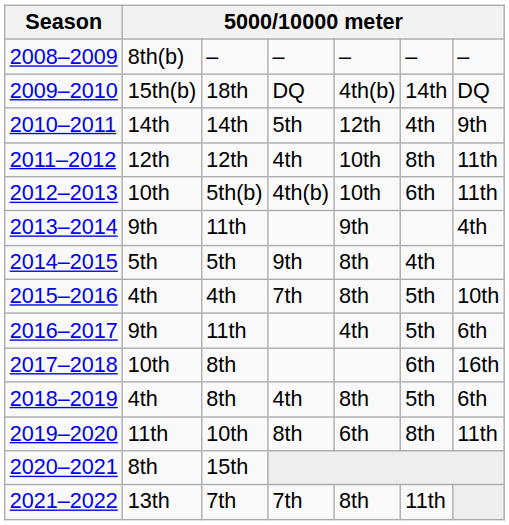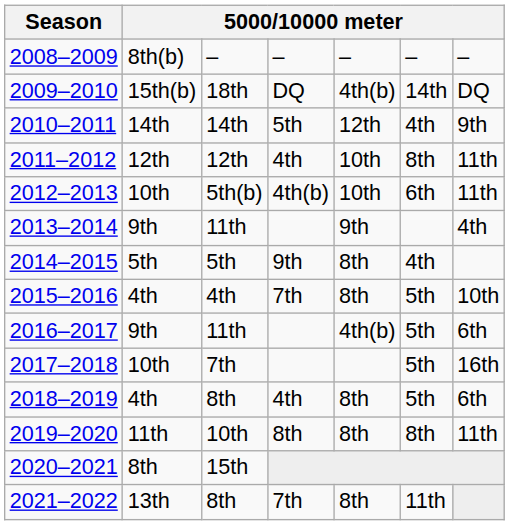 <table class="wikitable" style="display: inline-table;">
 <tr>
 <th>Season</th>
 <th colspan="12">5000/10000 meter</th>
 </tr>
 <tr>
 <td><a href='#'>2008–2009</a></td>
 <td>8th(b)</td>
 <td>–</td>
 <td>–</td>
 <td>–</td>
 <td>–</td>
 <td>–</td>
 </tr>
 <tr>
 <td><a href='#'>2009–2010</a></td>
 <td>15th(b)</td>
 <td>18th</td>
 <td>DQ</td>
 <td>4th(b)</td>
 <td>14th</td>
 <td>DQ</td>
 </tr>
 <tr>
 <td><a href='#'>2010–2011</a></td>
 <td>14th</td>
 <td>14th</td>
 <td>5th</td>
 <td>12th</td>
 <td>4th</td>
 <td>9th</td>
 </tr>
 <tr>
 <td><a href='#'>2011–2012</a></td>
 <td>12th</td>
 <td>12th</td>
 <td>4th</td>
 <td>10th</td>
 <td>8th</td>
 <td>11th</td>
 </tr>
 <tr>
 <td><a href='#'>2012–2013</a></td>
 <td>10th</td>
 <td>5th(b)</td>
 <td>4th(b)</td>
 <td>10th</td>
 <td>6th</td>
 <td>11th</td>
 </tr>
 <tr>
 <td><a href='#'>2013–2014</a></td>
 <td>9th</td>
 <td>11th</td>
 <td></td>
 <td>9th</td>
 <td></td>
 <td>4th</td>
 </tr>
 <tr>
 <td><a href='#'>2014–2015</a></td>
 <td>5th</td>
 <td>5th</td>
 <td>9th</td>
 <td>8th</td>
 <td>4th</td>
 <td></td>
 </tr>
 <tr>
 <td><a href='#'>2015–2016</a></td>
 <td>4th</td>
 <td>4th</td>
 <td>7th</td>
 <td>8th</td>
 <td>5th</td>
 <td>10th</td>
 </tr>
 <tr>
 <td><a href='#'>2016–2017</a></td>
 <td>9th</td>
 <td>11th</td>
 <td></td>
-<td>4th</td>
+<td>4th(b)</td>
 <td>5th</td>
 <td>6th</td>
 </tr>
 <tr>
 <td><a href='#'>2017–2018</a></td>
 <td>10th</td>
-<td>8th</td>
+<td>7th</td>
 <td></td>
 <td></td>
-<td>6th</td>
+<td>5th</td>
 <td>16th</td>
 </tr>
 <tr>
 <td><a href='#'>2018–2019</a></td>
 <td>4th</td>
 <td>8th</td>
 <td>4th</td>
 <td>8th</td>
 <td>5th</td>
 <td>6th</td>
 </tr>
 <tr>
 <td><a href='#'>2019–2020</a></td>
 <td>11th</td>
 <td>10th</td>
 <td>8th</td>
-<td>6th</td>
+<td>8th</td>
 <td>8th</td>
 <td>11th</td>
 </tr>
 <tr>
 <td><a href='#'>2020–2021</a></td>
 <td>8th</td>
 <td>15th</td>
 <td colspan="4" bgcolor=#EEEEEE></td>
 </tr>
 <tr>
 <td><a href='#'>2021–2022</a></td>
 <td>13th</td>
-<td>7th</td>
+<td>8th</td>
 <td>7th</td>
 <td>8th</td>
 <td>11th</td>
 <td colspan="1" bgcolor=#EEEEEE></td>
 </tr>
 </table>
